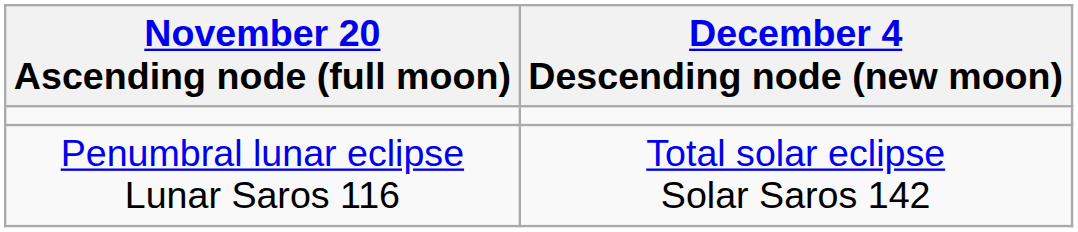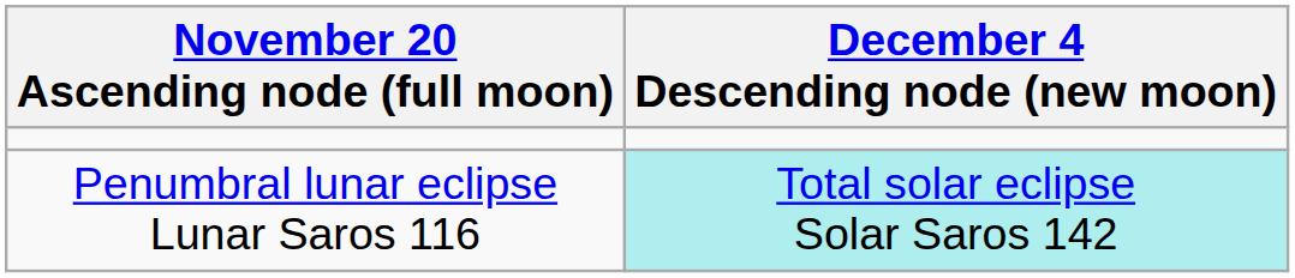 <table class="wikitable">
 <tr>
 <th><a href='#'>November 20</a><br>Ascending node (full moon)<br></th>
 <th><a href='#'>December 4</a><br>Descending node (new moon)<br></th>
 </tr>
 <tr>
 <td></td>
 <td></td>
 </tr>
 <tr align=center>
 <td><a href='#'>Penumbral lunar eclipse</a><br>Lunar Saros 116</td>
-<td><a href='#'>Total solar eclipse</a><br>Solar Saros 142</td>
+<td style="background: paleturquoise;"><a href='#'>Total solar eclipse</a><br>Solar Saros 142</td>
 </tr>
 </table>
